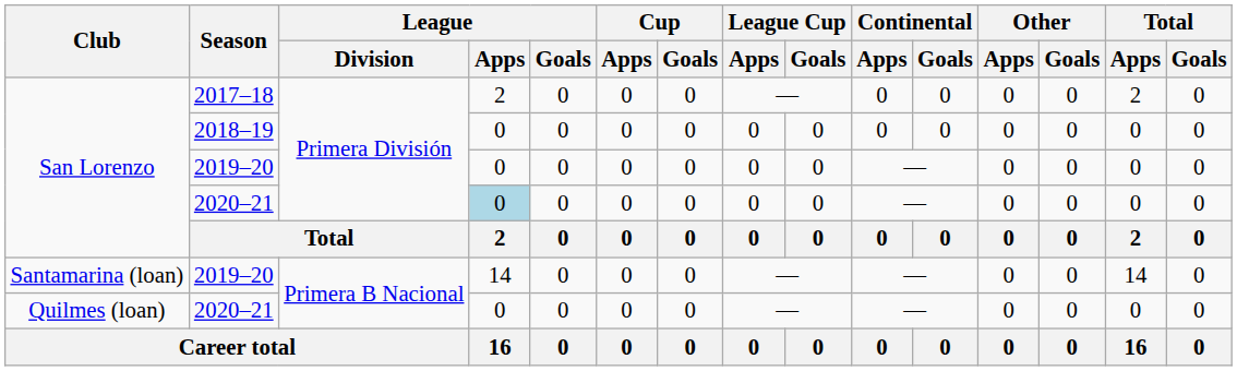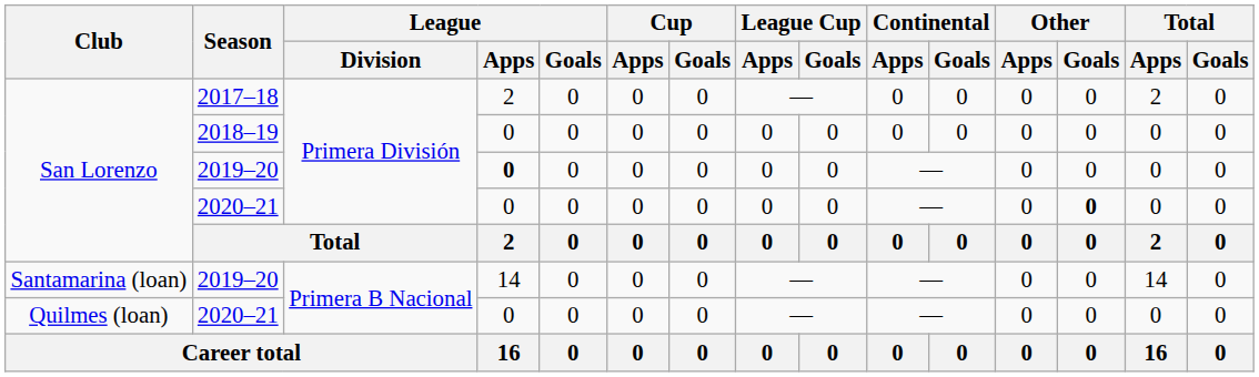 <table class="wikitable" style="text-align:center">
 <tr>
 <th rowspan="2">Club</th>
 <th rowspan="2">Season</th>
 <th colspan="3">League</th>
 <th colspan="2">Cup</th>
 <th colspan="2">League Cup</th>
 <th colspan="2">Continental</th>
 <th colspan="2">Other</th>
 <th colspan="2">Total</th>
 </tr>
 <tr>
 <th>Division</th>
 <th>Apps</th>
 <th>Goals</th>
 <th>Apps</th>
 <th>Goals</th>
 <th>Apps</th>
 <th>Goals</th>
 <th>Apps</th>
 <th>Goals</th>
 <th>Apps</th>
 <th>Goals</th>
 <th>Apps</th>
 <th>Goals</th>
 </tr>
 <tr>
 <td rowspan="5"><a href='#'>San Lorenzo</a></td>
 <td><a href='#'>2017–18</a></td>
 <td rowspan="4"><a href='#'>Primera División</a></td>
 <td>2</td>
 <td>0</td>
 <td>0</td>
 <td>0</td>
 <td colspan="2">—</td>
 <td>0</td>
 <td>0</td>
 <td>0</td>
 <td>0</td>
 <td>2</td>
 <td>0</td>
 </tr>
 <tr>
 <td><a href='#'>2018–19</a></td>
 <td>0</td>
 <td>0</td>
 <td>0</td>
 <td>0</td>
 <td>0</td>
 <td>0</td>
 <td>0</td>
 <td>0</td>
 <td>0</td>
 <td>0</td>
 <td>0</td>
 <td>0</td>
 </tr>
 <tr>
 <td><a href='#'>2019–20</a></td>
-<td>0</td>
+<td><strong>0</strong></td>
 <td>0</td>
 <td>0</td>
 <td>0</td>
 <td>0</td>
 <td>0</td>
 <td colspan="2">—</td>
 <td>0</td>
 <td>0</td>
 <td>0</td>
 <td>0</td>
 </tr>
 <tr>
 <td><a href='#'>2020–21</a></td>
-<td style="background: lightblue;">0</td>
+<td>0</td>
 <td>0</td>
 <td>0</td>
 <td>0</td>
 <td>0</td>
 <td>0</td>
 <td colspan="2">—</td>
 <td>0</td>
-<td>0</td>
+<td><strong>0</strong></td>
 <td>0</td>
 <td>0</td>
 </tr>
 <tr>
 <th colspan="2">Total</th>
 <th>2</th>
 <th>0</th>
 <th>0</th>
 <th>0</th>
 <th>0</th>
 <th>0</th>
 <th>0</th>
 <th>0</th>
 <th>0</th>
 <th>0</th>
 <th>2</th>
 <th>0</th>
 </tr>
 <tr>
 <td rowspan="1"><a href='#'>Santamarina</a> (loan)</td>
 <td><a href='#'>2019–20</a></td>
 <td rowspan="2"><a href='#'>Primera B Nacional</a></td>
 <td>14</td>
 <td>0</td>
 <td>0</td>
 <td>0</td>
 <td colspan="2">—</td>
 <td colspan="2">—</td>
 <td>0</td>
 <td>0</td>
 <td>14</td>
 <td>0</td>
 </tr>
 <tr>
 <td rowspan="1"><a href='#'>Quilmes</a> (loan)</td>
 <td><a href='#'>2020–21</a></td>
 <td>0</td>
 <td>0</td>
 <td>0</td>
 <td>0</td>
 <td colspan="2">—</td>
 <td colspan="2">—</td>
 <td>0</td>
 <td>0</td>
 <td>0</td>
 <td>0</td>
 </tr>
 <tr>
 <th colspan="3">Career total</th>
 <th>16</th>
 <th>0</th>
 <th>0</th>
 <th>0</th>
 <th>0</th>
 <th>0</th>
 <th>0</th>
 <th>0</th>
 <th>0</th>
 <th>0</th>
 <th>16</th>
 <th>0</th>
 </tr>
 </table>
